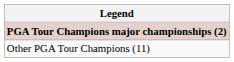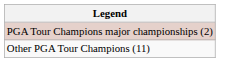 <table class="wikitable" style="font-size:95%;">
 <tr>
 <th>Legend</th>
 </tr>
 <tr style="background:#e5d1cb;">
-<td><strong>PGA Tour Champions major championships (2)</strong></td>
+<td>PGA Tour Champions major championships (2)</td>
 </tr>
 <tr>
 <td>Other PGA Tour Champions (11)</td>
 </tr>
 </table>
